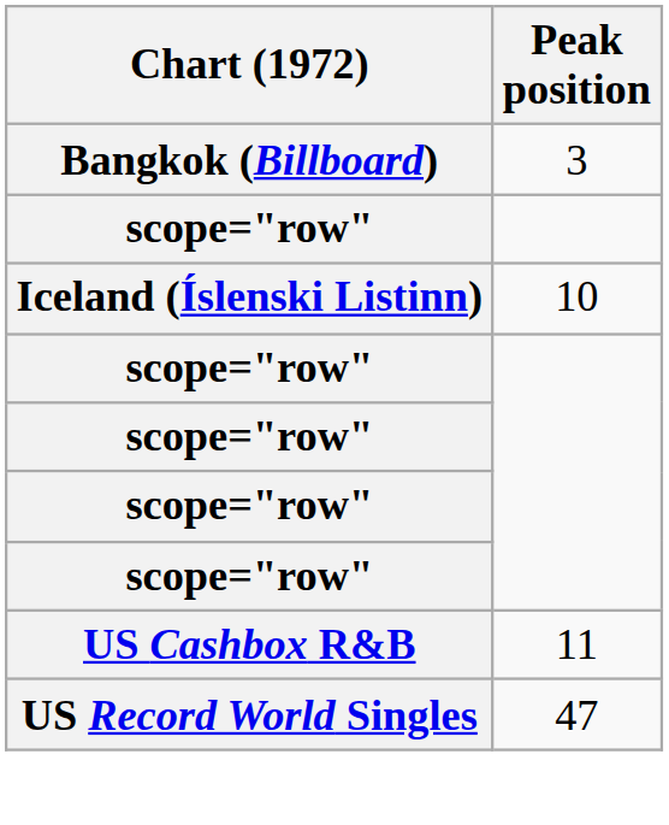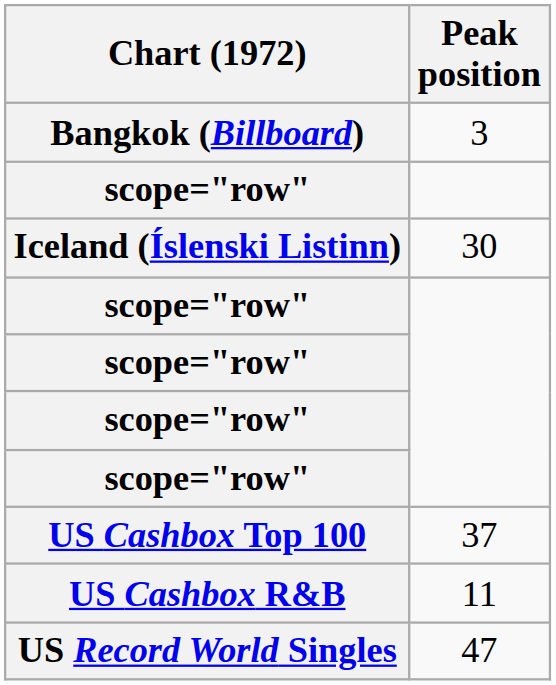 <table class="wikitable sortable plainrowheaders">
 <tr>
 <th scope="col">Chart (1972)</th>
 <th scope="col">Peak<br>position</th>
 </tr>
 <tr>
 <th scope="row">Bangkok (<a href='#'><em>Billboard</em></a>)</th>
 <td style="text-align:center;">3</td>
 </tr>
 <tr>
 <th>scope="row" </th>
 </tr>
 <tr>
 <th scope="row">Iceland (<a href='#'>Íslenski Listinn</a>)</th>
-<td style="text-align:center;">10</td>
+<td style="text-align:center;">30</td>
 </tr>
 <tr>
 <th>scope="row" </th>
 </tr>
 <tr>
 <th>scope="row" </th>
 </tr>
 <tr>
 <th>scope="row" </th>
 </tr>
 <tr>
 <th>scope="row" </th>
 </tr>
 <tr>
+<th scope="row"><a href='#'>US <em>Cashbox</em> Top 100</a></th>
+<td style="text-align:center;">37</td>
+</tr>
+<tr>
 <th scope="row"><a href='#'>US <em>Cashbox</em> R&B</a></th>
 <td style="text-align:center;">11</td>
 </tr>
 <tr>
 <th scope="row">US <a href='#'><em>Record World</em> Singles</a></th>
 <td style="text-align:center;">47</td>
 </tr>
 </table>
